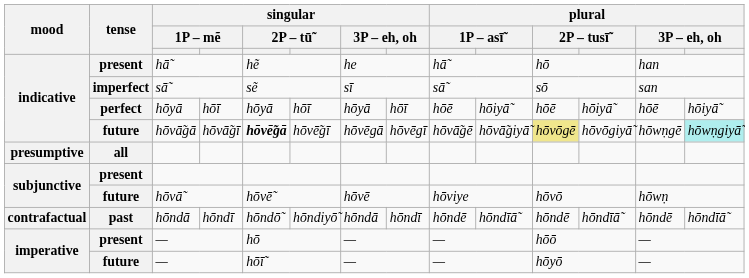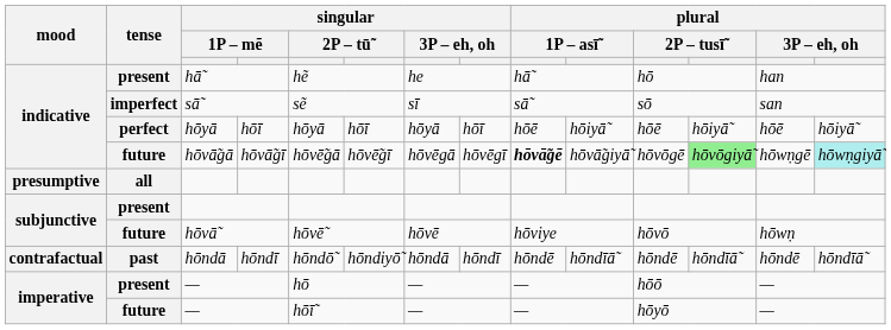 <table class="wikitable">
 <tr>
 <th rowspan="3">mood</th>
 <th rowspan="3", colspan="1">tense</th>
 <th colspan="6">singular</th>
 <th colspan="6">plural</th>
 </tr>
 <tr>
 <th colspan="2" rowspan="1">1P – mẽ</th>
 <th colspan="2" rowspan="1">2P – tū̃</th>
 <th colspan="2" rowspan="1">3P – eh, oh</th>
 <th colspan="2" rowspan="1">1P – asī̃</th>
 <th colspan="2" rowspan="1">2P – tusī̃</th>
 <th colspan="2" rowspan="1">3P – eh, oh</th>
 </tr>
 <tr>
 <th></th>
 <th></th>
 <th></th>
 <th></th>
 <th></th>
 <th></th>
 <th></th>
 <th></th>
 <th></th>
 <th></th>
 <th></th>
 <th></th>
 </tr>
 <tr>
 <th rowspan="4">indicative</th>
 <th colspan="1">present</th>
 <td colspan="2"><em>hā̃</em></td>
 <td colspan="2"><em>hẽ</em></td>
 <td colspan="2"><em>he</em></td>
 <td colspan="2"><em>hā̃</em></td>
 <td colspan="2"><em>hō</em></td>
 <td colspan="2"><em>han</em></td>
 </tr>
 <tr>
 <th colspan="1">imperfect</th>
 <td colspan="2"><em>sā̃</em></td>
 <td colspan="2"><em>sẽ</em></td>
 <td colspan="2"><em>sī</em></td>
 <td colspan="2"><em>sā̃</em></td>
 <td colspan="2"><em>sō</em></td>
 <td colspan="2"><em>san</em></td>
 </tr>
 <tr>
 <th rowspan="1">perfect</th>
 <td colspan="1"><em>hōyā</em></td>
 <td colspan="1"><em>hōī</em></td>
 <td colspan="1"><em>hōyā</em></td>
 <td colspan="1"><em>hōī</em></td>
 <td colspan="1"><em>hōyā</em></td>
 <td colspan="1"><em>hōī</em></td>
 <td colspan="1"><em>hōē</em></td>
 <td colspan="1"><em>hōiyā̃</em></td>
 <td colspan="1"><em>hōē</em></td>
 <td colspan="1"><em>hōiyā̃</em></td>
 <td colspan="1"><em>hōē</em></td>
 <td colspan="1"><em>hōiyā̃</em></td>
 </tr>
 <tr>
 <th rowspan="1">future</th>
 <td><em>hōvā̃gā</em></td>
 <td><em>hōvā̃gī</em></td>
-<td><strong><em>hōvē̃gā</em></strong></td>
+<td><em>hōvē̃gā</em></td>
 <td><em>hōvē̃gī</em></td>
 <td><em>hōvēgā</em></td>
 <td><em>hōvēgī</em></td>
-<td><em>hōvā̃gē</em></td>
+<td><strong><em>hōvā̃gē</em></strong></td>
 <td><em>hōvā̃giyā̃</em></td>
-<td style="background: khaki;"><em>hōvōgē</em></td>
-<td><em>hōvōgiyā̃</em></td>
+<td><em>hōvōgē</em></td>
+<td style="background: lightgreen;"><em>hōvōgiyā̃</em></td>
 <td><em>hōwṇgē</em></td>
 <td style="background: paleturquoise;"><em>hōwṇgiyā̃</em></td>
 </tr>
 <tr>
 <th>presumptive</th>
 <th>all</th>
 <td></td>
 <td></td>
 <td></td>
 <td></td>
 <td></td>
 <td></td>
 <td></td>
 <td></td>
 <td></td>
 <td></td>
 <td></td>
 <td></td>
 </tr>
 <tr>
 <th rowspan="2">subjunctive</th>
 <th>present</th>
 <td colspan="2"></td>
 <td colspan="2"></td>
 <td colspan="2"></td>
 <td colspan="2"></td>
 <td colspan="2"></td>
 <td colspan="2"></td>
 </tr>
 <tr>
 <th>future</th>
 <td colspan="2"><em>hōvā̃</em></td>
 <td colspan="2"><em>hōvē̃</em></td>
 <td colspan="2"><em>hōvē</em></td>
 <td colspan="2"><em>hōviye</em></td>
 <td colspan="2"><em>hōvō</em></td>
 <td colspan="2"><em>hōwṇ</em></td>
 </tr>
 <tr>
 <th>contrafactual</th>
 <th>past</th>
 <td><em>hōndā</em></td>
 <td><em>hōndī</em></td>
 <td><em>hōndō̃</em></td>
 <td><em>hōndiyō̃</em></td>
 <td><em>hōndā</em></td>
 <td><em>hōndī</em></td>
 <td><em>hōndē</em></td>
 <td><em>hōndīā̃</em></td>
 <td><em>hōndē</em></td>
 <td><em>hōndīā̃</em></td>
 <td><em>hōndē</em></td>
 <td><em>hōndīā̃</em></td>
 </tr>
 <tr>
 <th rowspan="2">imperative</th>
 <th>present</th>
 <td colspan="2"><em>—</em></td>
 <td colspan="2"><em>hō</em></td>
 <td colspan="2"><em>—</em></td>
 <td colspan="2"><em>—</em></td>
 <td colspan="2"><em>hōō</em></td>
 <td colspan="2"><em>—</em></td>
 </tr>
 <tr>
 <th>future</th>
 <td colspan="2"><em>—</em></td>
 <td colspan="2"><em>hōī̃</em></td>
 <td colspan="2"><em>—</em></td>
 <td colspan="2"><em>—</em></td>
 <td colspan="2"><em>hōyō</em></td>
 <td colspan="2"><em>—</em></td>
 </tr>
 </table>
